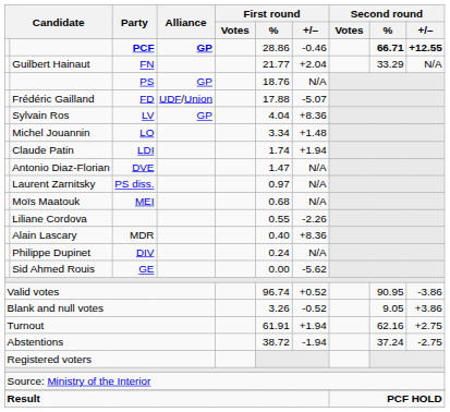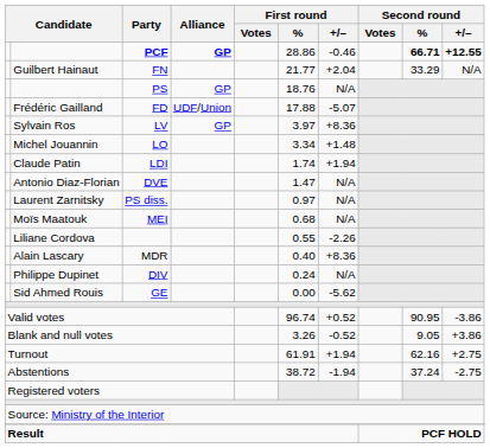 <table class="wikitable" style="text-align:right;font-size:95%;">
 <tr>
 <th rowspan="2" colspan="2">Candidate</th>
 <th rowspan="2">Party</th>
 <th rowspan="2">Alliance</th>
 <th colspan="3">First round</th>
 <th colspan="3">Second round</th>
 </tr>
 <tr>
 <th style="width:50px;">Votes</th>
 <th style="width:45px;">%</th>
 <th style="width:45px;">+/–</th>
 <th style="width:50px;">Votes</th>
 <th style="width:45px;">%</th>
 <th style="width:45px;">+/–</th>
 </tr>
 <tr>
 <td style="color:inherit;background:"></td>
 <td style="text-align:left;"><strong></strong></td>
 <td><a href='#'><strong>PCF</strong></a> </td>
 <td><a href='#'><strong>GP</strong></a> </td>
 <td></td>
 <td>28.86</td>
 <td>-0.46</td>
 <td><strong></strong></td>
 <td><strong>66.71</strong></td>
 <td><strong>+12.55</strong></td>
 </tr>
 <tr>
 <td style="color:inherit;background:"></td>
 <td style="text-align:left;">Guilbert Hainaut</td>
 <td><a href='#'>FN</a> </td>
 <td></td>
 <td></td>
 <td>21.77</td>
 <td>+2.04</td>
 <td></td>
 <td>33.29</td>
 <td>N/A</td>
 </tr>
 <tr>
 <td style="color:inherit;background:"></td>
 <td style="text-align:left;"></td>
 <td><a href='#'>PS</a></td>
 <td><a href='#'>GP</a></td>
 <td></td>
 <td>18.76</td>
 <td>N/A</td>
 <td colspan="3" style="background:#E9E9E9;"></td>
 </tr>
 <tr>
 <td style="color:inherit;background:"></td>
 <td style="text-align:left;">Frédéric Gailland</td>
 <td><a href='#'>FD</a></td>
 <td><a href='#'>UDF</a>/<a href='#'>Union</a></td>
 <td></td>
 <td>17.88</td>
 <td>-5.07</td>
 <td colspan="3" style="background:#E9E9E9;"></td>
 </tr>
 <tr>
 <td style="color:inherit;background:"></td>
 <td style="text-align:left;">Sylvain Ros</td>
 <td><a href='#'>LV</a></td>
 <td><a href='#'>GP</a></td>
 <td></td>
-<td>4.04</td>
+<td>3.97</td>
 <td>+8.36</td>
 <td colspan="3" style="background:#E9E9E9;"></td>
 </tr>
 <tr>
 <td style="color:inherit;background:"></td>
 <td style="text-align:left;">Michel Jouannin</td>
 <td><a href='#'>LO</a></td>
 <td></td>
 <td></td>
 <td>3.34</td>
 <td>+1.48</td>
 <td colspan="3" style="background:#E9E9E9;"></td>
 </tr>
 <tr>
 <td style="color:inherit;background:"></td>
 <td style="text-align:left;">Claude Patin</td>
 <td><a href='#'>LDI</a></td>
 <td></td>
 <td></td>
 <td>1.74</td>
 <td>+1.94</td>
 <td colspan="3" style="background:#E9E9E9;"></td>
 </tr>
 <tr>
 <td style="color:inherit;background:"></td>
 <td style="text-align:left;">Antonio Diaz-Florian</td>
 <td><a href='#'>DVE</a></td>
 <td></td>
 <td></td>
 <td>1.47</td>
 <td>N/A</td>
 <td colspan="3" style="background:#E9E9E9;"></td>
 </tr>
 <tr>
 <td style="color:inherit;background:"></td>
 <td style="text-align:left;">Laurent Zarnitsky</td>
 <td><a href='#'>PS diss.</a></td>
 <td></td>
 <td></td>
 <td>0.97</td>
 <td>N/A</td>
 <td colspan="3" style="background:#E9E9E9;"></td>
 </tr>
 <tr>
 <td style="color:inherit;background:"></td>
 <td style="text-align:left;">Moïs Maatouk</td>
 <td><a href='#'>MEI</a></td>
 <td></td>
 <td></td>
 <td>0.68</td>
 <td>N/A</td>
 <td colspan="3" style="background:#E9E9E9;"></td>
 </tr>
 <tr>
 <td style="color:inherit;background:"></td>
 <td style="text-align:left;">Liliane Cordova</td>
 <td></td>
 <td></td>
 <td></td>
 <td>0.55</td>
 <td>-2.26</td>
 <td colspan="3" style="background:#E9E9E9;"></td>
 </tr>
 <tr>
 <td style="color:inherit;background:"></td>
 <td style="text-align:left;">Alain Lascary</td>
 <td>MDR</td>
 <td></td>
 <td></td>
 <td>0.40</td>
 <td>+8.36</td>
 <td colspan="3" style="background:#E9E9E9;"></td>
 </tr>
 <tr>
 <td style="color:inherit;background:"></td>
 <td style="text-align:left;">Philippe Dupinet</td>
 <td><a href='#'>DIV</a></td>
 <td></td>
 <td></td>
 <td>0.24</td>
 <td>N/A</td>
 <td colspan="3" style="background:#E9E9E9;"></td>
 </tr>
 <tr>
 <td style="color:inherit;background:"></td>
 <td style="text-align:left;">Sid Ahmed Rouis</td>
 <td><a href='#'>GE</a></td>
 <td></td>
 <td></td>
 <td>0.00</td>
 <td>-5.62</td>
 <td colspan="3" style="background:#E9E9E9;"></td>
 </tr>
 <tr>
 <td colspan="10" style="background:#E9E9E9;"></td>
 </tr>
 <tr>
 <td colspan="4" style="text-align:left;">Valid votes</td>
 <td></td>
 <td>96.74</td>
 <td>+0.52</td>
 <td></td>
 <td>90.95</td>
 <td>-3.86</td>
 </tr>
 <tr>
 <td colspan="4" style="text-align:left;">Blank and null votes</td>
 <td></td>
 <td>3.26</td>
 <td>-0.52</td>
 <td></td>
 <td>9.05</td>
 <td>+3.86</td>
 </tr>
 <tr>
 <td colspan="4" style="text-align:left;">Turnout</td>
 <td></td>
 <td>61.91</td>
 <td>+1.94</td>
 <td></td>
 <td>62.16</td>
 <td>+2.75</td>
 </tr>
 <tr>
 <td colspan="4" style="text-align:left;">Abstentions</td>
 <td></td>
 <td>38.72</td>
 <td>-1.94</td>
 <td></td>
 <td>37.24</td>
 <td>-2.75</td>
 </tr>
 <tr>
 <td colspan="4" style="text-align:left;">Registered voters</td>
 <td></td>
 <td colspan="2" style="background:#E9E9E9;"></td>
 <td></td>
 <td colspan="2" style="background:#E9E9E9;"></td>
 </tr>
 <tr>
 <td colspan="10" style="background:#E9E9E9;"></td>
 </tr>
 <tr>
 <td colspan="10" style="text-align:left;">Source: <a href='#'>Ministry of the Interior</a></td>
 </tr>
 <tr>
 </tr>
 <tr style="font-weight:bold">
 <td colspan="7" style="text-align:left;">Result</td>
 <td colspan="7" style="background-color:">PCF HOLD</td>
 </tr>
 </table>
